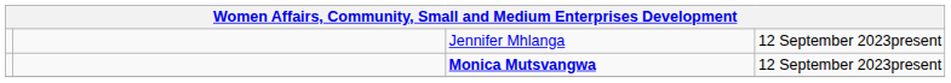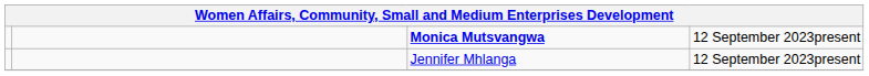 <table class="wikitable">
 <tr>
 <th colspan="4"><a href='#'>Women Affairs, Community, Small and Medium Enterprises Development</a></th>
+</tr>
+<tr>
+<td style="width: 1px; background: "></td>
+<td style="width: 450px;"></td>
+<td style="width: 320px;"> <strong><a href='#'>Monica Mutsvangwa</a></strong></td>
+<td>12 September 2023present</td>
 </tr>
 <tr>
 <td style="width: 1px; background: "></td>
 <td style="width: 450px;"></td>
 <td style="width: 320px;"> <a href='#'>Jennifer Mhlanga</a></td>
 <td>12 September 2023present</td>
 </tr>
 <tr>
-<td style="width: 1px; background: "></td>
-<td style="width: 450px;"></td>
-<td style="width: 320px;"> <strong><a href='#'>Monica Mutsvangwa</a></strong></td>
-<td>12 September 2023present</td>
-</tr>
-<tr>
 </tr>
 </table>
